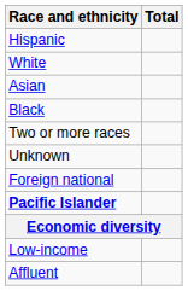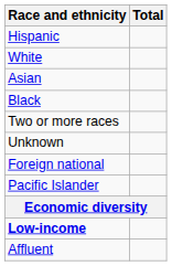 <table class="wikitable floatright sortable collapsible"; text-align:right; font-size:80%;">
 <tr>
 <th>Race and ethnicity</th>
 <th colspan="2" data-sort-type=number>Total</th>
 </tr>
 <tr>
 <td><a href='#'>Hispanic</a></td>
 <td align=right></td>
 </tr>
 <tr>
 <td><a href='#'>White</a></td>
 <td align=right></td>
 </tr>
 <tr>
 <td><a href='#'>Asian</a></td>
 <td align=right></td>
 </tr>
 <tr>
 <td><a href='#'>Black</a></td>
 <td align=right></td>
 </tr>
 <tr>
 <td>Two or more races</td>
 <td align=right></td>
 </tr>
 <tr>
 <td>Unknown</td>
 <td align=right></td>
 </tr>
 <tr>
 <td><a href='#'>Foreign national</a></td>
 <td align=right></td>
 </tr>
 <tr>
-<td><strong><a href='#'>Pacific Islander</a></strong></td>
+<td><a href='#'>Pacific Islander</a></td>
 <td align=right></td>
 </tr>
 <tr>
 <th colspan="4" data-sort-type=number><a href='#'>Economic diversity</a></th>
 </tr>
 <tr>
-<td><a href='#'>Low-income</a></td>
+<td><strong><a href='#'>Low-income</a></strong></td>
 <td align=right></td>
 </tr>
 <tr>
 <td><a href='#'>Affluent</a></td>
 <td align=right></td>
 </tr>
 </table>
